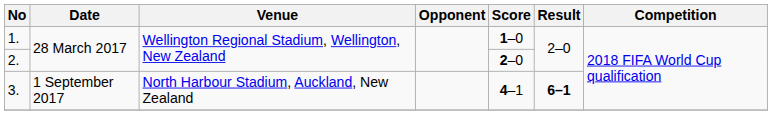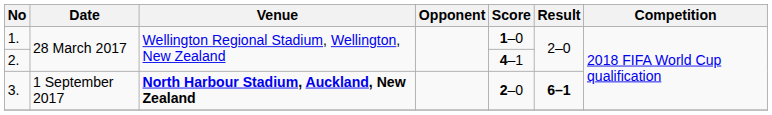 <table class="wikitable">
 <tr>
 <th>No</th>
 <th>Date</th>
 <th>Venue</th>
 <th>Opponent</th>
 <th>Score</th>
 <th>Result</th>
 <th>Competition</th>
 </tr>
 <tr>
 <td>1.</td>
 <td rowspan=2>28 March 2017</td>
 <td rowspan=2><a href='#'>Wellington Regional Stadium</a>, <a href='#'>Wellington</a>, <a href='#'>New Zealand</a></td>
 <td rowspan=2></td>
 <td align=center><strong>1</strong>–0</td>
 <td rowspan = 2 align=center>2–0</td>
 <td rowspan=3><a href='#'>2018 FIFA World Cup qualification</a></td>
 </tr>
 <tr>
 <td>2.</td>
-<td align=center><strong>2</strong>–0</td>
+<td align=center><strong>4</strong>–1</td>
 </tr>
 <tr>
 <td>3.</td>
 <td>1 September 2017</td>
-<td><a href='#'>North Harbour Stadium</a>, <a href='#'>Auckland</a>, New Zealand</td>
+<td><strong><a href='#'>North Harbour Stadium</a>, <a href='#'>Auckland</a>, New Zealand</strong></td>
 <td></td>
-<td align=center><strong>4</strong>–1</td>
+<td align=center><strong>2</strong>–0</td>
 <td align=center><strong>6–1</strong></td>
 </tr>
 <tr>
 </tr>
 </table>
